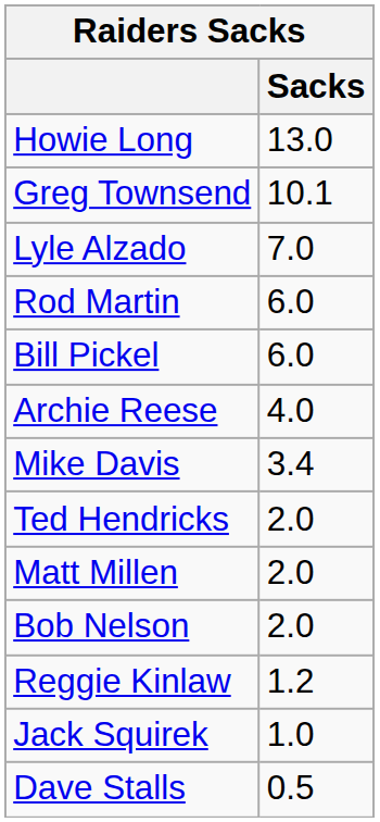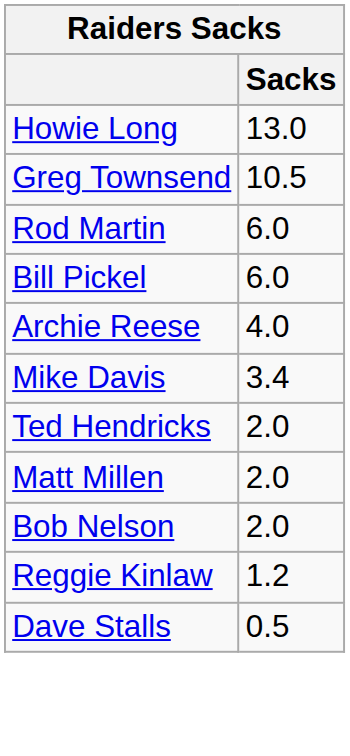 <table class="wikitable">
 <tr>
 <th colspan="2">Raiders Sacks</th>
 </tr>
 <tr>
 <th></th>
 <th>Sacks</th>
 </tr>
 <tr>
 <td><a href='#'>Howie Long</a></td>
 <td>13.0</td>
 </tr>
 <tr>
 <td><a href='#'>Greg Townsend</a></td>
-<td>10.1</td>
-</tr>
-<tr>
-<td><a href='#'>Lyle Alzado</a></td>
-<td>7.0</td>
+<td>10.5</td>
 </tr>
 <tr>
 <td><a href='#'>Rod Martin</a></td>
 <td>6.0</td>
 </tr>
 <tr>
 <td><a href='#'>Bill Pickel</a></td>
 <td>6.0</td>
 </tr>
 <tr>
 <td><a href='#'>Archie Reese</a></td>
 <td>4.0</td>
 </tr>
 <tr>
 <td><a href='#'>Mike Davis</a></td>
 <td>3.4</td>
 </tr>
 <tr>
 <td><a href='#'>Ted Hendricks</a></td>
 <td>2.0</td>
 </tr>
 <tr>
 <td><a href='#'>Matt Millen</a></td>
 <td>2.0</td>
 </tr>
 <tr>
 <td><a href='#'>Bob Nelson</a></td>
 <td>2.0</td>
 </tr>
 <tr>
 <td><a href='#'>Reggie Kinlaw</a></td>
 <td>1.2</td>
 </tr>
 <tr>
-<td><a href='#'>Jack Squirek</a></td>
-<td>1.0</td>
-</tr>
-<tr>
 <td><a href='#'>Dave Stalls</a></td>
 <td>0.5</td>
 </tr>
 </table>
